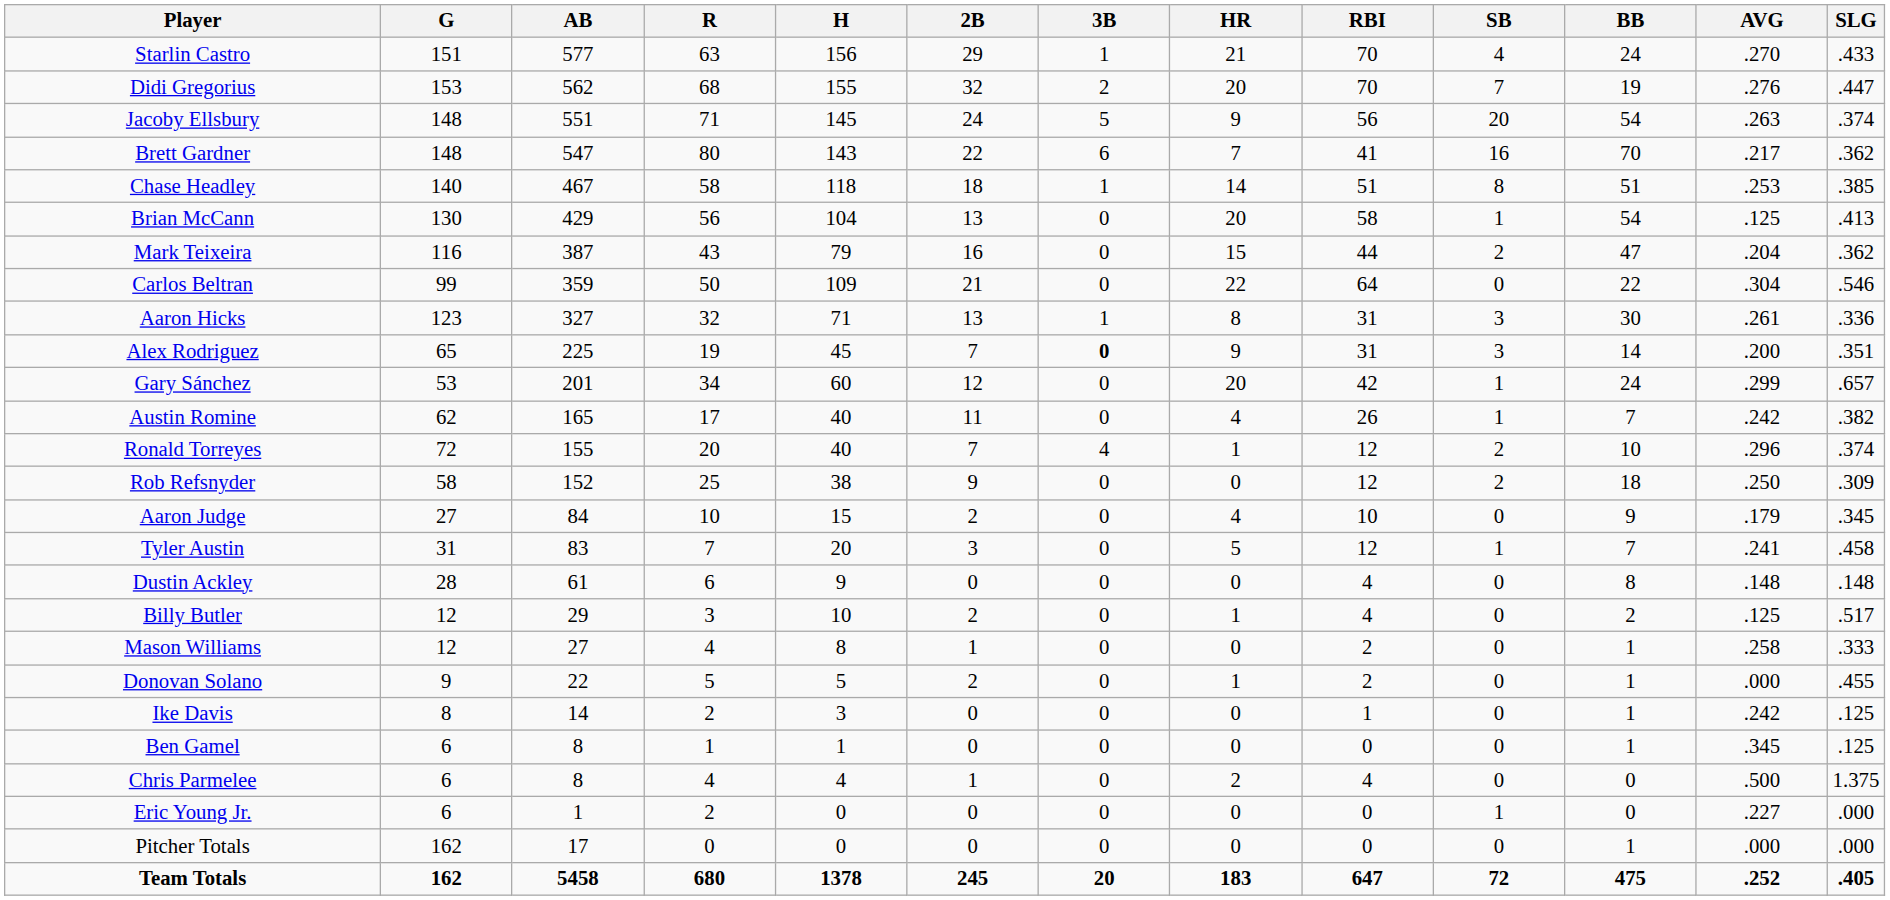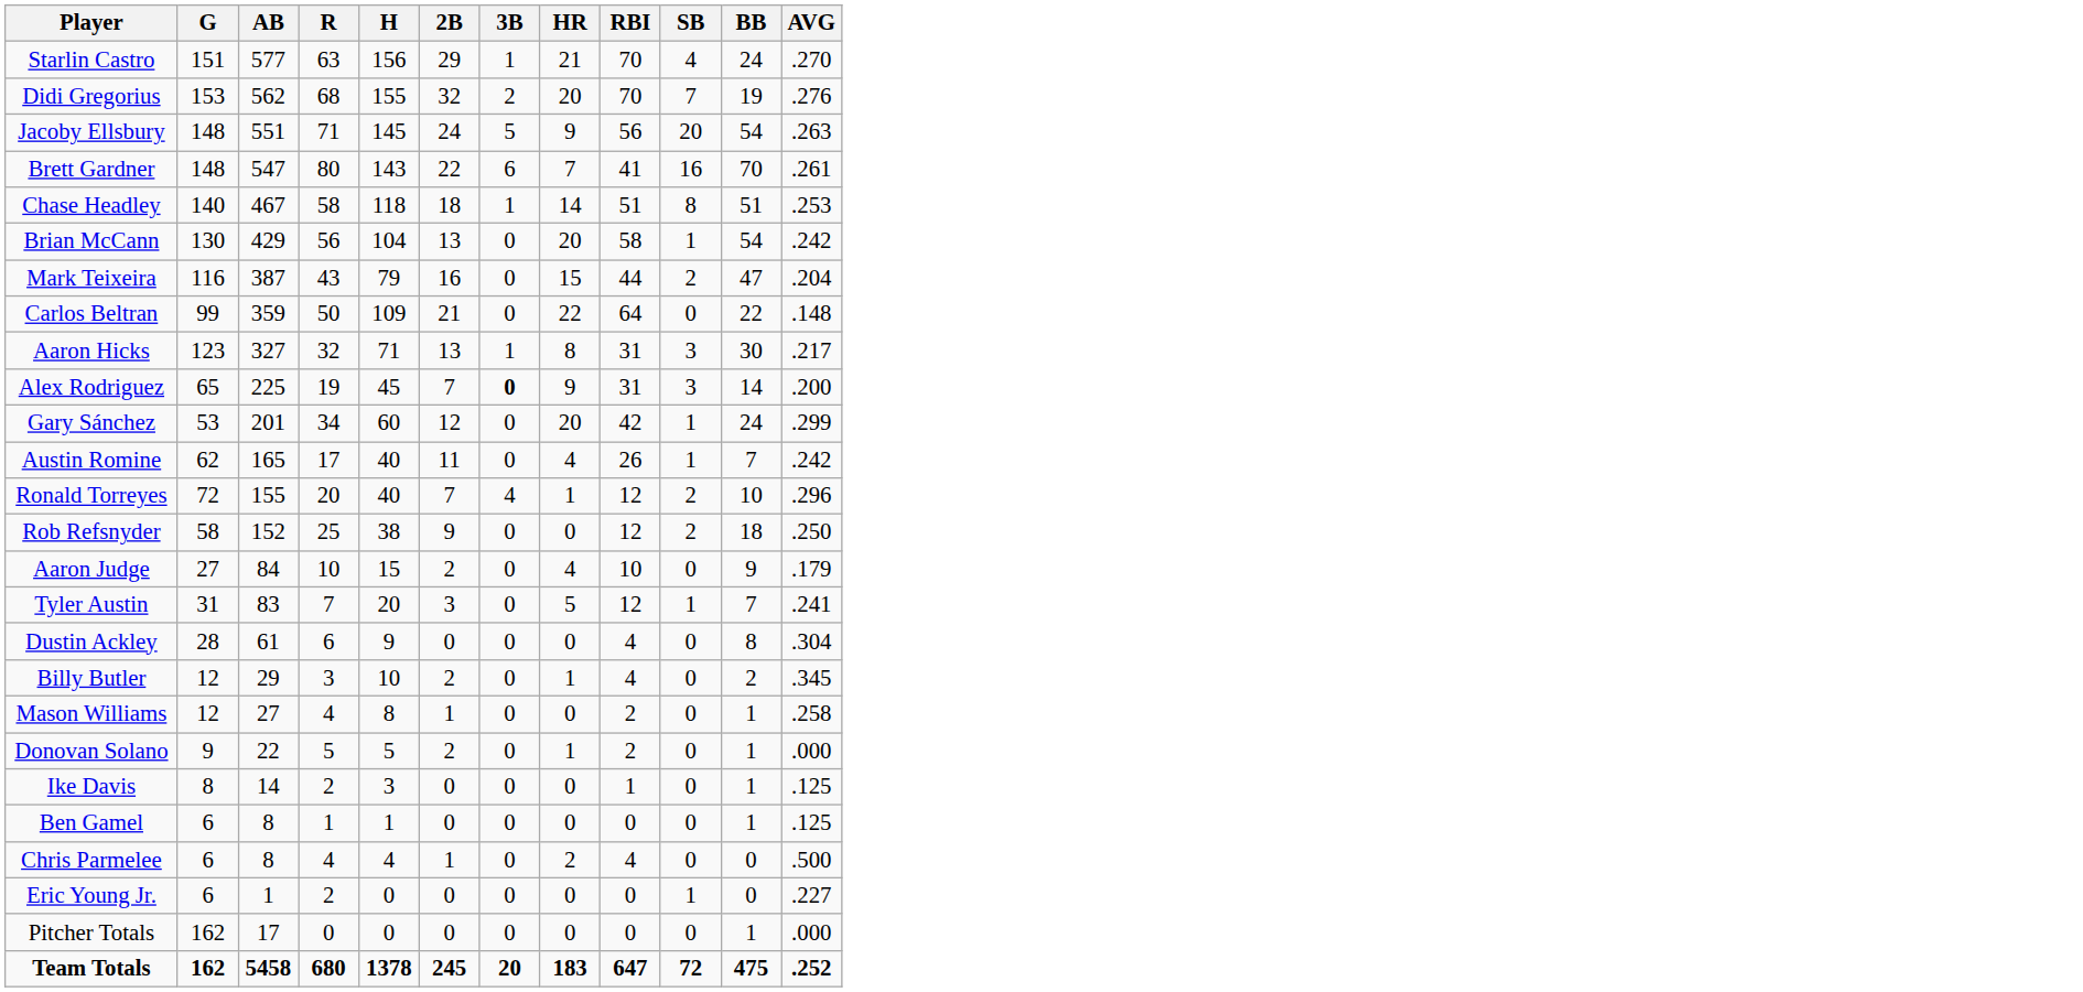 <table class=wikitable style="text-align:center">
 <tr>
 <th bgcolor=#DDDDFF; width="20%">Player</th>
 <th bgcolor=#DDDDFF; width="7%">G</th>
 <th bgcolor=#DDDDFF; width="7%">AB</th>
 <th bgcolor=#DDDDFF; width="7%">R</th>
 <th bgcolor=#DDDDFF; width="7%">H</th>
 <th bgcolor=#DDDDFF; width="7%">2B</th>
 <th bgcolor=#DDDDFF; width="7%">3B</th>
 <th bgcolor=#DDDDFF; width="7%'">HR</th>
 <th bgcolor=#DDDDFF; width="7%">RBI</th>
 <th bgcolor=#DDDDFF; width="7%">SB</th>
 <th bgcolor=#DDDDFF; width="7%">BB</th>
 <th bgcolor=#DDDDFF; width="7%">AVG</th>
-<th bgcolor=#DDDDFF; width="7%">SLG</th>
 </tr>
 <tr>
 <td><a href='#'>Starlin Castro</a></td>
 <td>151</td>
 <td>577</td>
 <td>63</td>
 <td>156</td>
 <td>29</td>
 <td>1</td>
 <td>21</td>
 <td>70</td>
 <td>4</td>
 <td>24</td>
 <td>.270</td>
-<td>.433</td>
 </tr>
 <tr>
 <td><a href='#'>Didi Gregorius</a></td>
 <td>153</td>
 <td>562</td>
 <td>68</td>
 <td>155</td>
 <td>32</td>
 <td>2</td>
 <td>20</td>
 <td>70</td>
 <td>7</td>
 <td>19</td>
 <td>.276</td>
-<td>.447</td>
 </tr>
 <tr>
 <td><a href='#'>Jacoby Ellsbury</a></td>
 <td>148</td>
 <td>551</td>
 <td>71</td>
 <td>145</td>
 <td>24</td>
 <td>5</td>
 <td>9</td>
 <td>56</td>
 <td>20</td>
 <td>54</td>
 <td>.263</td>
-<td>.374</td>
 </tr>
 <tr>
 <td><a href='#'>Brett Gardner</a></td>
 <td>148</td>
 <td>547</td>
 <td>80</td>
 <td>143</td>
 <td>22</td>
 <td>6</td>
 <td>7</td>
 <td>41</td>
 <td>16</td>
 <td>70</td>
-<td>.217</td>
-<td>.362</td>
+<td>.261</td>
 </tr>
 <tr>
 <td><a href='#'>Chase Headley</a></td>
 <td>140</td>
 <td>467</td>
 <td>58</td>
 <td>118</td>
 <td>18</td>
 <td>1</td>
 <td>14</td>
 <td>51</td>
 <td>8</td>
 <td>51</td>
 <td>.253</td>
-<td>.385</td>
 </tr>
 <tr>
 <td><a href='#'>Brian McCann</a></td>
 <td>130</td>
 <td>429</td>
 <td>56</td>
 <td>104</td>
 <td>13</td>
 <td>0</td>
 <td>20</td>
 <td>58</td>
 <td>1</td>
 <td>54</td>
-<td>.125</td>
-<td>.413</td>
+<td>.242</td>
 </tr>
 <tr>
 <td><a href='#'>Mark Teixeira</a></td>
 <td>116</td>
 <td>387</td>
 <td>43</td>
 <td>79</td>
 <td>16</td>
 <td>0</td>
 <td>15</td>
 <td>44</td>
 <td>2</td>
 <td>47</td>
 <td>.204</td>
-<td>.362</td>
 </tr>
 <tr>
 <td><a href='#'>Carlos Beltran</a></td>
 <td>99</td>
 <td>359</td>
 <td>50</td>
 <td>109</td>
 <td>21</td>
 <td>0</td>
 <td>22</td>
 <td>64</td>
 <td>0</td>
 <td>22</td>
-<td>.304</td>
-<td>.546</td>
+<td>.148</td>
 </tr>
 <tr>
 <td><a href='#'>Aaron Hicks</a></td>
 <td>123</td>
 <td>327</td>
 <td>32</td>
 <td>71</td>
 <td>13</td>
 <td>1</td>
 <td>8</td>
 <td>31</td>
 <td>3</td>
 <td>30</td>
-<td>.261</td>
-<td>.336</td>
+<td>.217</td>
 </tr>
 <tr>
 <td><a href='#'>Alex Rodriguez</a></td>
 <td>65</td>
 <td>225</td>
 <td>19</td>
 <td>45</td>
 <td>7</td>
 <td><strong>0</strong></td>
 <td>9</td>
 <td>31</td>
 <td>3</td>
 <td>14</td>
 <td>.200</td>
-<td>.351</td>
 </tr>
 <tr>
 <td><a href='#'>Gary Sánchez</a></td>
 <td>53</td>
 <td>201</td>
 <td>34</td>
 <td>60</td>
 <td>12</td>
 <td>0</td>
 <td>20</td>
 <td>42</td>
 <td>1</td>
 <td>24</td>
 <td>.299</td>
-<td>.657</td>
 </tr>
 <tr>
 <td><a href='#'>Austin Romine</a></td>
 <td>62</td>
 <td>165</td>
 <td>17</td>
 <td>40</td>
 <td>11</td>
 <td>0</td>
 <td>4</td>
 <td>26</td>
 <td>1</td>
 <td>7</td>
 <td>.242</td>
-<td>.382</td>
 </tr>
 <tr>
 <td><a href='#'>Ronald Torreyes</a></td>
 <td>72</td>
 <td>155</td>
 <td>20</td>
 <td>40</td>
 <td>7</td>
 <td>4</td>
 <td>1</td>
 <td>12</td>
 <td>2</td>
 <td>10</td>
 <td>.296</td>
-<td>.374</td>
 </tr>
 <tr>
 <td><a href='#'>Rob Refsnyder</a></td>
 <td>58</td>
 <td>152</td>
 <td>25</td>
 <td>38</td>
 <td>9</td>
 <td>0</td>
 <td>0</td>
 <td>12</td>
 <td>2</td>
 <td>18</td>
 <td>.250</td>
-<td>.309</td>
 </tr>
 <tr>
 <td><a href='#'>Aaron Judge</a></td>
 <td>27</td>
 <td>84</td>
 <td>10</td>
 <td>15</td>
 <td>2</td>
 <td>0</td>
 <td>4</td>
 <td>10</td>
 <td>0</td>
 <td>9</td>
 <td>.179</td>
-<td>.345</td>
 </tr>
 <tr>
 <td><a href='#'>Tyler Austin</a></td>
 <td>31</td>
 <td>83</td>
 <td>7</td>
 <td>20</td>
 <td>3</td>
 <td>0</td>
 <td>5</td>
 <td>12</td>
 <td>1</td>
 <td>7</td>
 <td>.241</td>
-<td>.458</td>
 </tr>
 <tr>
 <td><a href='#'>Dustin Ackley</a></td>
 <td>28</td>
 <td>61</td>
 <td>6</td>
 <td>9</td>
 <td>0</td>
 <td>0</td>
 <td>0</td>
 <td>4</td>
 <td>0</td>
 <td>8</td>
-<td>.148</td>
-<td>.148</td>
+<td>.304</td>
 </tr>
 <tr>
 <td><a href='#'>Billy Butler</a></td>
 <td>12</td>
 <td>29</td>
 <td>3</td>
 <td>10</td>
 <td>2</td>
 <td>0</td>
 <td>1</td>
 <td>4</td>
 <td>0</td>
 <td>2</td>
-<td>.125</td>
-<td>.517</td>
+<td>.345</td>
 </tr>
 <tr>
 <td><a href='#'>Mason Williams</a></td>
 <td>12</td>
 <td>27</td>
 <td>4</td>
 <td>8</td>
 <td>1</td>
 <td>0</td>
 <td>0</td>
 <td>2</td>
 <td>0</td>
 <td>1</td>
 <td>.258</td>
-<td>.333</td>
 </tr>
 <tr>
 <td><a href='#'>Donovan Solano</a></td>
 <td>9</td>
 <td>22</td>
 <td>5</td>
 <td>5</td>
 <td>2</td>
 <td>0</td>
 <td>1</td>
 <td>2</td>
 <td>0</td>
 <td>1</td>
 <td>.000</td>
-<td>.455</td>
 </tr>
 <tr>
 <td><a href='#'>Ike Davis</a></td>
 <td>8</td>
 <td>14</td>
 <td>2</td>
 <td>3</td>
 <td>0</td>
 <td>0</td>
 <td>0</td>
 <td>1</td>
 <td>0</td>
 <td>1</td>
-<td>.242</td>
 <td>.125</td>
 </tr>
 <tr>
 <td><a href='#'>Ben Gamel</a></td>
 <td>6</td>
 <td>8</td>
 <td>1</td>
 <td>1</td>
 <td>0</td>
 <td>0</td>
 <td>0</td>
 <td>0</td>
 <td>0</td>
 <td>1</td>
-<td>.345</td>
 <td>.125</td>
 </tr>
 <tr>
 <td><a href='#'>Chris Parmelee</a></td>
 <td>6</td>
 <td>8</td>
 <td>4</td>
 <td>4</td>
 <td>1</td>
 <td>0</td>
 <td>2</td>
 <td>4</td>
 <td>0</td>
 <td>0</td>
 <td>.500</td>
-<td>1.375</td>
 </tr>
 <tr>
 <td><a href='#'>Eric Young Jr.</a></td>
 <td>6</td>
 <td>1</td>
 <td>2</td>
 <td>0</td>
 <td>0</td>
 <td>0</td>
 <td>0</td>
 <td>0</td>
 <td>1</td>
 <td>0</td>
 <td>.227</td>
-<td>.000</td>
 </tr>
 <tr>
 <td>Pitcher Totals</td>
 <td>162</td>
 <td>17</td>
 <td>0</td>
 <td>0</td>
 <td>0</td>
 <td>0</td>
 <td>0</td>
 <td>0</td>
 <td>0</td>
 <td>1</td>
-<td>.000</td>
 <td>.000</td>
 </tr>
 <tr>
 <td><strong>Team Totals</strong></td>
 <td><strong>162</strong></td>
 <td><strong>5458</strong></td>
 <td><strong>680</strong></td>
 <td><strong>1378</strong></td>
 <td><strong>245</strong></td>
 <td><strong>20</strong></td>
 <td><strong>183</strong></td>
 <td><strong>647</strong></td>
 <td><strong>72</strong></td>
 <td><strong>475</strong></td>
 <td><strong>.252</strong></td>
-<td><strong>.405</strong></td>
 </tr>
 </table>
